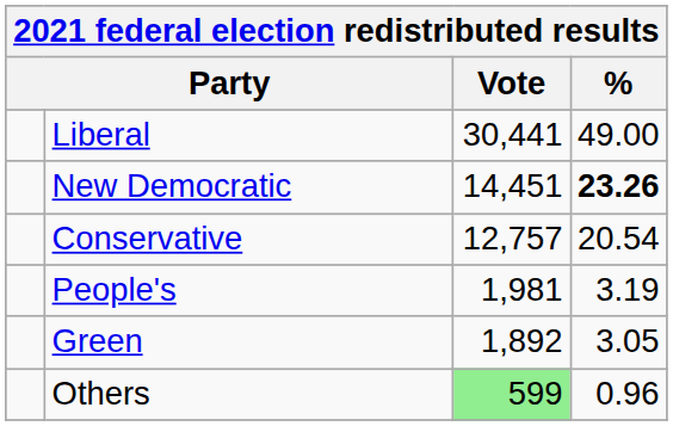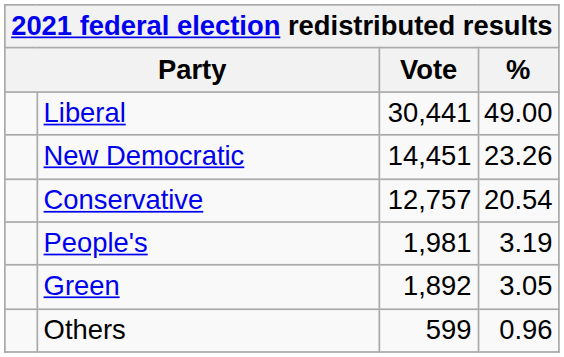 <table class="wikitable">
 <tr>
 <th colspan="4"><a href='#'>2021 federal election</a> redistributed results</th>
 </tr>
 <tr>
 <th bgcolor="#DDDDFF" width="130px" colspan="2">Party</th>
 <th bgcolor="#DDDDFF" width="50px">Vote</th>
 <th bgcolor="#DDDDFF" width="30px">%</th>
 </tr>
 <tr>
 <td> </td>
 <td><a href='#'>Liberal</a></td>
 <td align=right>30,441</td>
 <td align=right>49.00</td>
 </tr>
 <tr>
 <td> </td>
 <td><a href='#'>New Democratic</a></td>
 <td align=right>14,451</td>
-<td align=right><strong>23.26</strong></td>
+<td align=right>23.26</td>
 </tr>
 <tr>
 <td> </td>
 <td><a href='#'>Conservative</a></td>
 <td align=right>12,757</td>
 <td align=right>20.54</td>
 </tr>
 <tr>
 <td> </td>
 <td><a href='#'>People's</a></td>
 <td align=right>1,981</td>
 <td align=right>3.19</td>
 </tr>
 <tr>
 <td> </td>
 <td><a href='#'>Green</a></td>
 <td align=right>1,892</td>
 <td align=right>3.05</td>
 </tr>
 <tr>
 <td> </td>
 <td>Others</td>
-<td align=right style="background: lightgreen;">599</td>
+<td align=right>599</td>
 <td align=right>0.96</td>
 </tr>
 </table>
